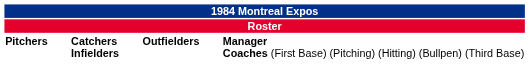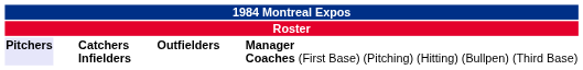 <table class="toccolours" style="font-size: 95%;">
 <tr>
 <th colspan="10" style="background-color: #003087; color: #FFFFFF; text-align: center;">1984 Montreal Expos</th>
 </tr>
 <tr>
 <td colspan="10" style="background-color: #E4002B; color: #FFFFFF; text-align: center;"><strong>Roster</strong></td>
 </tr>
 <tr>
-<td valign="top"><strong>Pitchers</strong><br>               </td>
+<td valign="top" style="background: lavender;"><strong>Pitchers</strong><br>               </td>
 <td width="25px"></td>
 <td valign="top"><strong>Catchers</strong><br>   <strong>Infielders</strong>               </td>
 <td width="25px"></td>
 <td valign="top"><strong>Outfielders</strong><br>        </td>
 <td width="25px"></td>
 <td valign="top"><strong>Manager</strong><br>  <strong>Coaches</strong>  (First Base)  (Pitching)  (Hitting)  (Bullpen)  (Third Base)</td>
 </tr>
 <tr>
 </tr>
 </table>
